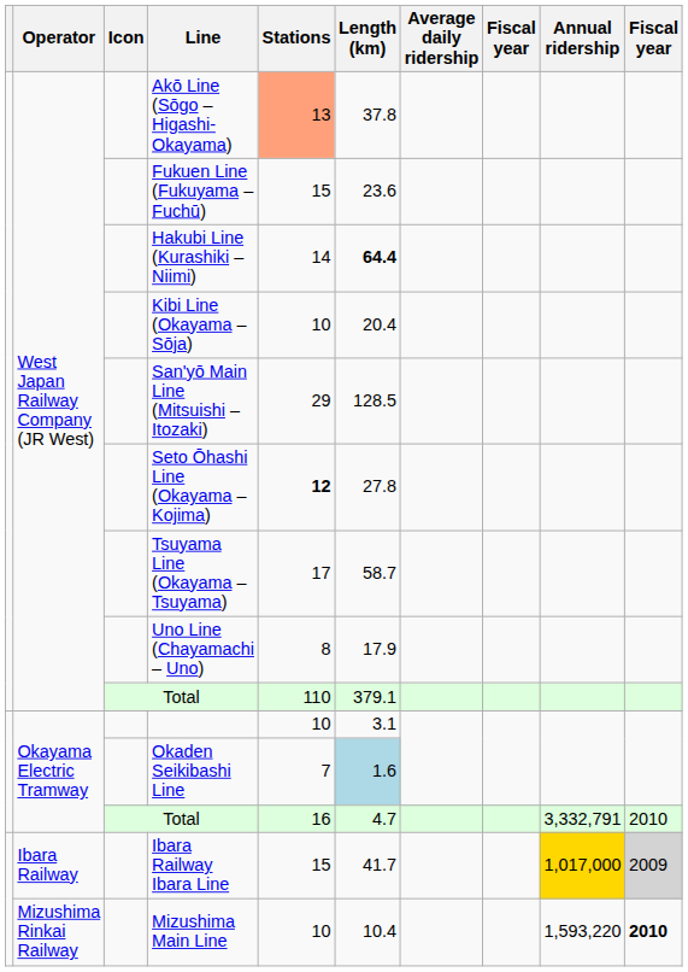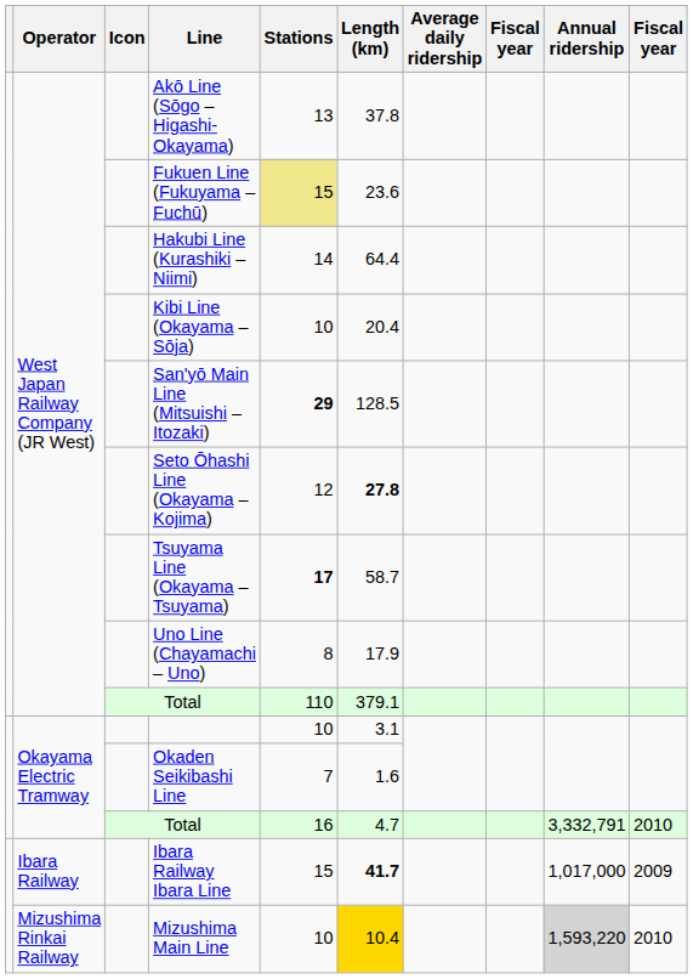 <table class="wikitable sortable">
 <tr>
 <th></th>
 <th>Operator</th>
 <th>Icon</th>
 <th>Line</th>
 <th>Stations</th>
 <th>Length (km)</th>
 <th>Average daily ridership</th>
 <th>Fiscal year</th>
 <th>Annual ridership</th>
 <th>Fiscal year</th>
 </tr>
 <tr>
 <td rowspan="9" style="text-align:center"></td>
 <td rowspan="9"><br><a href='#'>West Japan Railway Company</a> (JR West)</td>
 <td></td>
 <td><a href='#'>Akō Line</a> (<a href='#'>Sōgo</a> ‒ <a href='#'>Higashi-Okayama</a>)</td>
-<td style="background: lightsalmon; text-align:right">13</td>
+<td style="text-align:right">13</td>
 <td style="text-align:right">37.8</td>
 <td></td>
 <td></td>
 <td></td>
 <td></td>
 </tr>
 <tr>
 <td></td>
 <td><a href='#'>Fukuen Line</a> (<a href='#'>Fukuyama</a> ‒ <a href='#'>Fuchū</a>)</td>
-<td style="text-align:right">15</td>
+<td style="background: khaki; text-align:right">15</td>
 <td style="text-align:right">23.6</td>
 <td></td>
 <td></td>
 <td></td>
 <td></td>
 </tr>
 <tr>
 <td></td>
 <td><a href='#'>Hakubi Line</a> (<a href='#'>Kurashiki</a> ‒ <a href='#'>Niimi</a>)</td>
 <td style="text-align:right">14</td>
-<td style="text-align:right"><strong>64.4</strong></td>
+<td style="text-align:right">64.4</td>
 <td></td>
 <td></td>
 <td></td>
 <td></td>
 </tr>
 <tr>
 <td></td>
 <td><a href='#'>Kibi Line</a> (<a href='#'>Okayama</a> ‒ <a href='#'>Sōja</a>)</td>
 <td style="text-align:right">10</td>
 <td style="text-align:right">20.4</td>
 <td></td>
 <td></td>
 <td></td>
 <td></td>
 </tr>
 <tr>
 <td><br><br></td>
 <td><a href='#'>San'yō Main Line</a> (<a href='#'>Mitsuishi</a> ‒ <a href='#'>Itozaki</a>)</td>
-<td style="text-align:right">29</td>
+<td style="text-align:right"><strong>29</strong></td>
 <td style="text-align:right">128.5</td>
 <td></td>
 <td></td>
 <td></td>
 <td></td>
 </tr>
 <tr>
 <td></td>
 <td><a href='#'>Seto Ōhashi Line</a> (<a href='#'>Okayama</a> ‒ <a href='#'>Kojima</a>)</td>
-<td style="text-align:right"><strong>12</strong></td>
-<td style="text-align:right">27.8</td>
+<td style="text-align:right">12</td>
+<td style="text-align:right"><strong>27.8</strong></td>
 <td></td>
 <td></td>
 <td></td>
 <td></td>
 </tr>
 <tr>
 <td></td>
 <td><a href='#'>Tsuyama Line</a> (<a href='#'>Okayama</a> ‒ <a href='#'>Tsuyama</a>)</td>
-<td style="text-align:right">17</td>
+<td style="text-align:right"><strong>17</strong></td>
 <td style="text-align:right">58.7</td>
 <td></td>
 <td></td>
 <td></td>
 <td></td>
 </tr>
 <tr>
 <td></td>
 <td><a href='#'>Uno Line</a> (<a href='#'>Chayamachi</a> ‒ <a href='#'>Uno</a>)</td>
 <td style="text-align:right">8</td>
 <td style="text-align:right">17.9</td>
 <td></td>
 <td></td>
 <td></td>
 <td></td>
 </tr>
 <tr style="background:#ddffdd;">
 <td colspan="2" style="text-align:center;">Total</td>
 <td style="text-align:right">110</td>
 <td style="text-align:right">379.1</td>
 <td></td>
 <td></td>
 <td></td>
 <td></td>
 </tr>
 <tr>
 <td rowspan="3" style="text-align:center"></td>
 <td rowspan="3"><a href='#'>Okayama Electric Tramway</a></td>
 <td></td>
 <td></td>
 <td style="text-align:right">10</td>
 <td style="text-align:right">3.1</td>
 <td rowspan="2"> </td>
 <td rowspan="2"> </td>
 <td rowspan="2"></td>
 <td rowspan="2"></td>
 </tr>
 <tr>
 <td></td>
 <td><a href='#'>Okaden Seikibashi Line</a></td>
 <td style="text-align:right">7</td>
-<td style="background: lightblue; text-align:right">1.6</td>
+<td style="text-align:right">1.6</td>
 </tr>
 <tr style="background:#ddffdd;">
 <td colspan="2" style="text-align:center;">Total</td>
 <td style="text-align:right">16</td>
 <td style="text-align:right">4.7</td>
 <td></td>
 <td></td>
 <td style="text-align:right">3,332,791</td>
 <td>2010</td>
 </tr>
 <tr>
 <td rowspan="2" style="text-align:center"></td>
 <td><a href='#'>Ibara Railway</a></td>
 <td></td>
 <td><a href='#'>Ibara Railway Ibara Line</a></td>
 <td style="text-align:right">15</td>
-<td style="text-align:right">41.7</td>
+<td style="text-align:right"><strong>41.7</strong></td>
 <td></td>
 <td></td>
-<td style="background: gold; text-align:right">1,017,000</td>
-<td style="background: lightgrey;">2009</td>
+<td style="text-align:right">1,017,000</td>
+<td>2009</td>
 </tr>
 <tr>
 <td><a href='#'>Mizushima Rinkai Railway</a></td>
 <td></td>
 <td><a href='#'>Mizushima Main Line</a></td>
 <td style="text-align:right">10</td>
-<td style="text-align:right">10.4</td>
+<td style="background: gold; text-align:right">10.4</td>
 <td></td>
 <td></td>
-<td style="text-align:right">1,593,220</td>
-<td><strong>2010</strong></td>
+<td style="background: lightgrey; text-align:right">1,593,220</td>
+<td>2010</td>
 </tr>
 </table>
